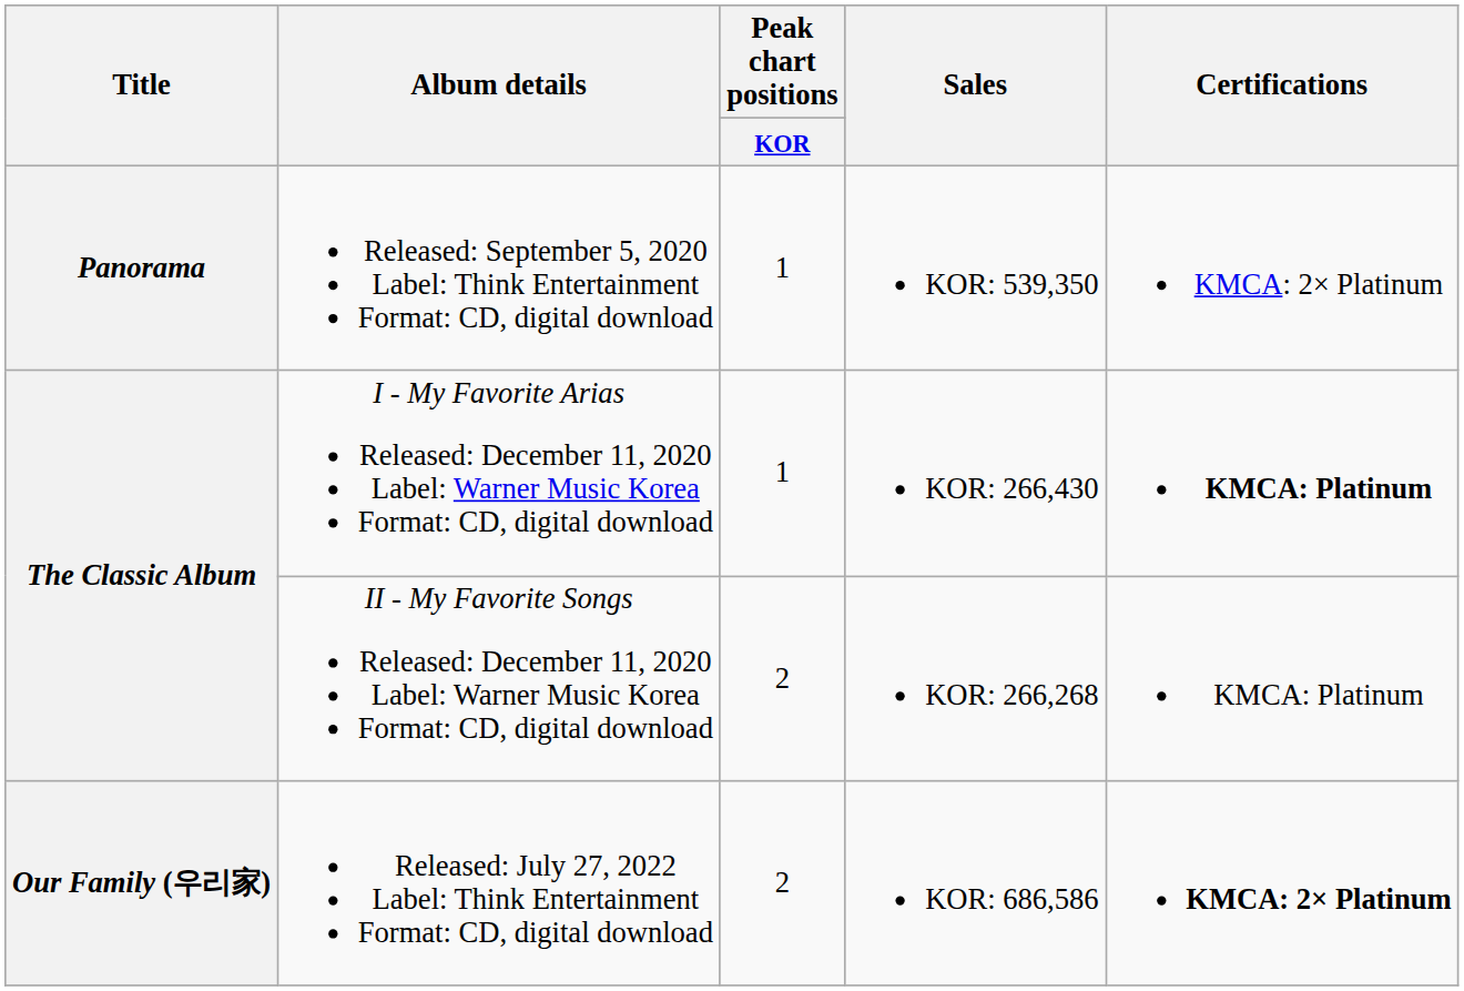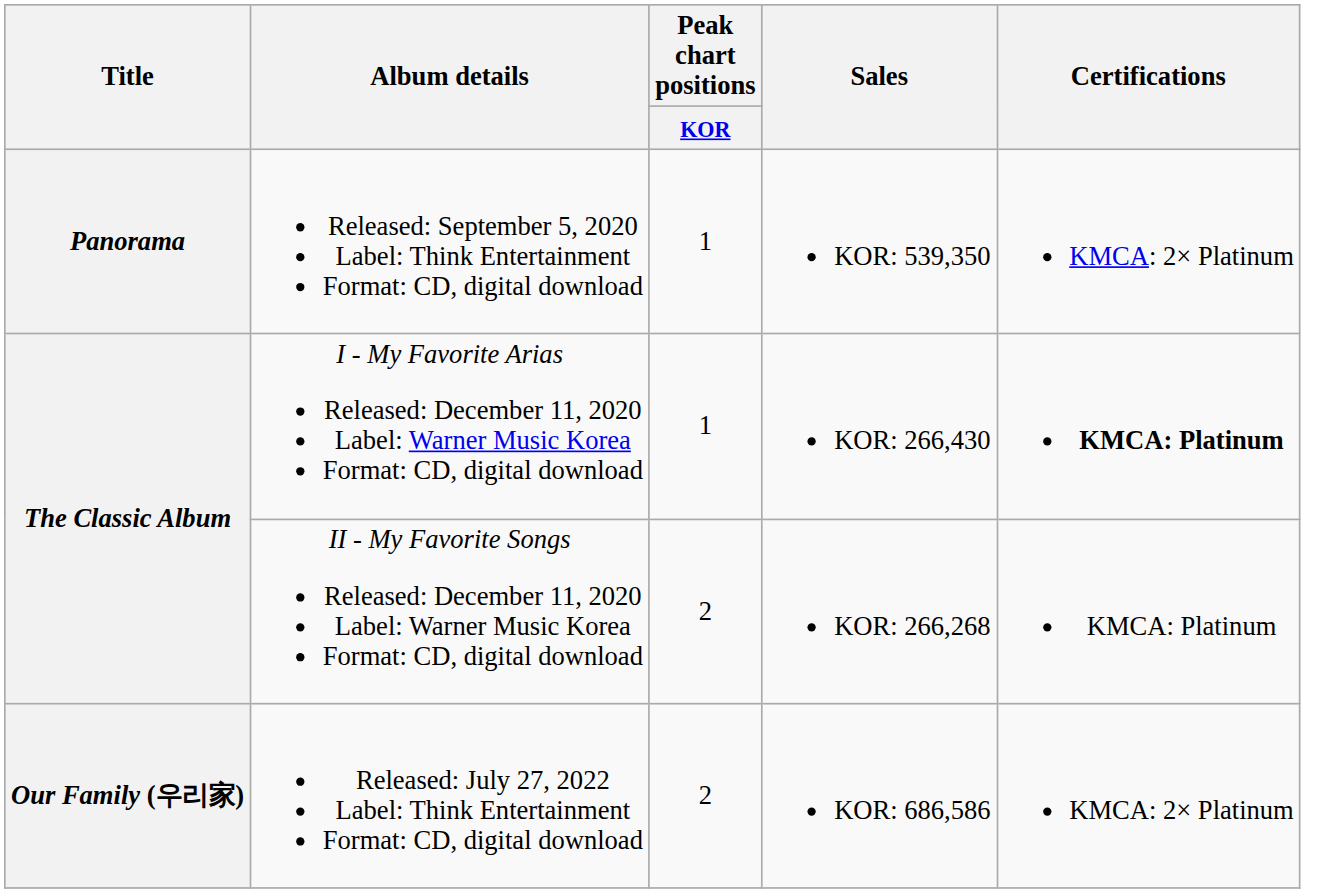 <table class="wikitable plainrowheaders" style="text-align:center;">
 <tr>
 <th scope="col" rowspan="2">Title</th>
 <th scope="col" rowspan="2">Album details</th>
 <th scope="col">Peak chart positions</th>
 <th scope="col" rowspan="2">Sales</th>
 <th scope="col" rowspan="2">Certifications</th>
 </tr>
 <tr>
 <th scope="col" style="width:3em;"><small><a href='#'>KOR</a></small><br></th>
 </tr>
 <tr>
 <th scope="row"><em>Panorama</em></th>
 <td><br><ul><li>Released: September 5, 2020</li><li>Label: Think Entertainment</li><li>Format: CD, digital download</li></ul></td>
 <td>1</td>
 <td><br><ul><li>KOR: 539,350</li></ul></td>
 <td><br><ul><li><a href='#'>KMCA</a>: 2× Platinum</li></ul></td>
 </tr>
 <tr>
 <th rowspan="2" scope="row"><em>The Classic Album</em></th>
 <td><em>I - My Favorite Arias</em><br><ul><li>Released: December 11, 2020</li><li>Label: <a href='#'>Warner Music Korea</a></li><li>Format: CD, digital download</li></ul></td>
 <td>1</td>
 <td><br><ul><li>KOR: 266,430</li></ul></td>
 <td><strong><br><ul><li>KMCA: Platinum</li></ul></strong></td>
 </tr>
 <tr>
 <td><em>II - My Favorite Songs</em><br><ul><li>Released: December 11, 2020</li><li>Label: Warner Music Korea</li><li>Format: CD, digital download</li></ul></td>
 <td>2</td>
 <td><br><ul><li>KOR: 266,268</li></ul></td>
 <td><br><ul><li>KMCA: Platinum</li></ul></td>
 </tr>
 <tr>
 <th scope="row"><em>Our Family</em> (우리家)</th>
 <td><br><ul><li>Released: July 27, 2022</li><li>Label: Think Entertainment</li><li>Format: CD, digital download</li></ul></td>
 <td>2</td>
 <td><br><ul><li>KOR: 686,586</li></ul></td>
-<td><strong><br><ul><li>KMCA: 2× Platinum</li></ul></strong></td>
+<td><br><ul><li>KMCA: 2× Platinum</li></ul></td>
 </tr>
 </table>
